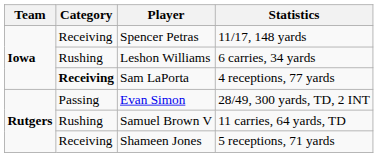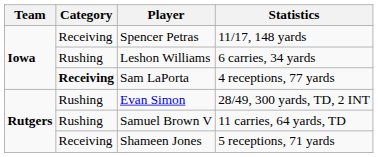 <table class="wikitable" style="float: left;">
 <tr>
 <th>Team</th>
 <th>Category</th>
 <th>Player</th>
 <th>Statistics</th>
 </tr>
 <tr>
 <td rowspan=3><strong>Iowa</strong></td>
 <td>Receiving</td>
 <td>Spencer Petras</td>
 <td>11/17, 148 yards</td>
 </tr>
 <tr>
 <td>Rushing</td>
 <td>Leshon Williams</td>
 <td>6 carries, 34 yards</td>
 </tr>
 <tr>
 <td><strong>Receiving</strong></td>
 <td>Sam LaPorta</td>
 <td>4 receptions, 77 yards</td>
 </tr>
 <tr>
 <td rowspan=3><strong>Rutgers</strong></td>
-<td>Passing</td>
+<td>Rushing</td>
 <td><a href='#'>Evan Simon</a></td>
 <td>28/49, 300 yards, TD, 2 INT</td>
 </tr>
 <tr>
 <td>Rushing</td>
 <td>Samuel Brown V</td>
 <td>11 carries, 64 yards, TD</td>
 </tr>
 <tr>
 <td>Receiving</td>
 <td>Shameen Jones</td>
 <td>5 receptions, 71 yards</td>
 </tr>
 </table>
